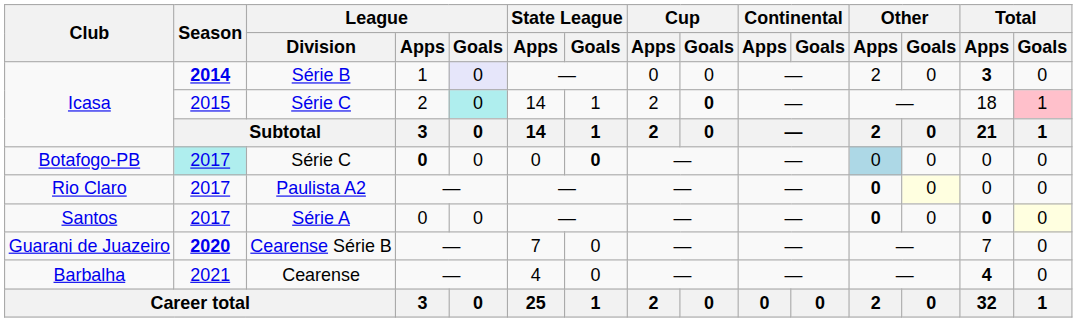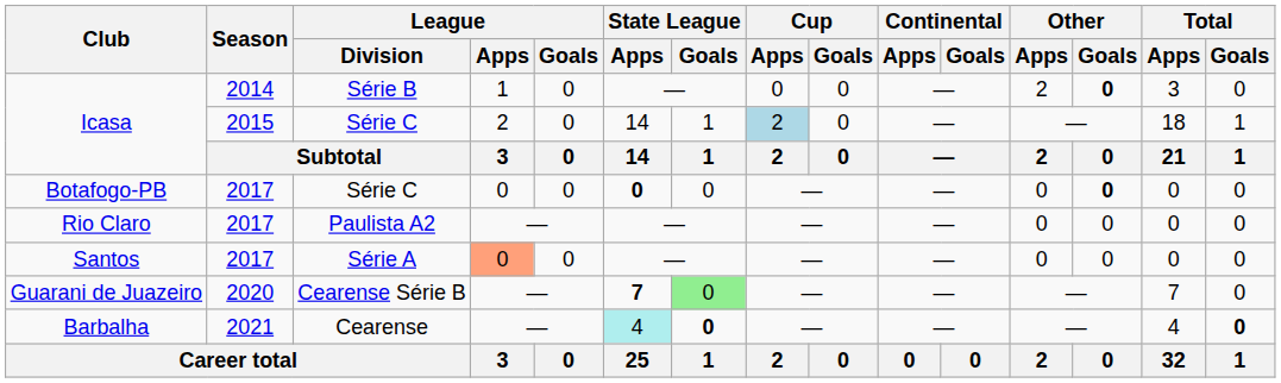 <table class="wikitable" style="text-align: center;">
 <tr>
 <th rowspan="2">Club</th>
 <th rowspan="2">Season</th>
 <th colspan="3">League</th>
 <th colspan="2">State League</th>
 <th colspan="2">Cup</th>
 <th colspan="2">Continental</th>
 <th colspan="2">Other</th>
 <th colspan="2">Total</th>
 </tr>
 <tr>
 <th>Division</th>
 <th>Apps</th>
 <th>Goals</th>
 <th>Apps</th>
 <th>Goals</th>
 <th>Apps</th>
 <th>Goals</th>
 <th>Apps</th>
 <th>Goals</th>
 <th>Apps</th>
 <th>Goals</th>
 <th>Apps</th>
 <th>Goals</th>
 </tr>
 <tr>
 <td rowspan="3" valign="center"><a href='#'>Icasa</a></td>
-<td><strong><a href='#'>2014</a></strong></td>
+<td><a href='#'>2014</a></td>
 <td><a href='#'>Série B</a></td>
 <td>1</td>
-<td style="background: lavender;">0</td>
+<td>0</td>
 <td colspan="2">—</td>
 <td>0</td>
 <td>0</td>
 <td colspan="2">—</td>
 <td>2</td>
-<td>0</td>
-<td><strong>3</strong></td>
+<td><strong>0</strong></td>
+<td>3</td>
 <td>0</td>
 </tr>
 <tr>
 <td><a href='#'>2015</a></td>
 <td><a href='#'>Série C</a></td>
 <td>2</td>
-<td style="background: paleturquoise;">0</td>
+<td>0</td>
 <td>14</td>
 <td>1</td>
-<td>2</td>
-<td><strong>0</strong></td>
+<td style="background: lightblue;">2</td>
+<td>0</td>
 <td colspan="2">—</td>
 <td colspan="2">—</td>
 <td>18</td>
-<td style="background: pink;">1</td>
+<td>1</td>
 </tr>
 <tr>
 <th colspan="2">Subtotal</th>
 <th>3</th>
 <th>0</th>
 <th>14</th>
 <th>1</th>
 <th>2</th>
 <th>0</th>
 <th colspan="2">—</th>
 <th>2</th>
 <th>0</th>
 <th>21</th>
 <th>1</th>
 </tr>
 <tr>
 <td valign="center"><a href='#'>Botafogo-PB</a></td>
-<td style="background: paleturquoise;"><a href='#'>2017</a></td>
+<td><a href='#'>2017</a></td>
 <td>Série C</td>
-<td><strong>0</strong></td>
 <td>0</td>
 <td>0</td>
 <td><strong>0</strong></td>
+<td>0</td>
 <td colspan="2">—</td>
 <td colspan="2">—</td>
-<td style="background: lightblue;">0</td>
 <td>0</td>
+<td><strong>0</strong></td>
 <td>0</td>
 <td>0</td>
 </tr>
 <tr>
 <td valign="center"><a href='#'>Rio Claro</a></td>
 <td><a href='#'>2017</a></td>
 <td><a href='#'>Paulista A2</a></td>
 <td colspan="2">—</td>
 <td colspan="2">—</td>
 <td colspan="2">—</td>
 <td colspan="2">—</td>
-<td><strong>0</strong></td>
-<td style="background: lightyellow;">0</td>
+<td>0</td>
+<td>0</td>
 <td>0</td>
 <td>0</td>
 </tr>
 <tr>
 <td valign="center"><a href='#'>Santos</a></td>
 <td><a href='#'>2017</a></td>
 <td><a href='#'>Série A</a></td>
-<td>0</td>
+<td style="background: lightsalmon;">0</td>
 <td>0</td>
 <td colspan="2">—</td>
 <td colspan="2">—</td>
 <td colspan="2">—</td>
-<td><strong>0</strong></td>
 <td>0</td>
-<td><strong>0</strong></td>
-<td style="background: lightyellow;">0</td>
+<td>0</td>
+<td>0</td>
+<td>0</td>
 </tr>
 <tr>
 <td valign="center"><a href='#'>Guarani de Juazeiro</a></td>
-<td><strong><a href='#'>2020</a></strong></td>
+<td><a href='#'>2020</a></td>
 <td><a href='#'>Cearense</a> Série B</td>
 <td colspan="2">—</td>
-<td>7</td>
-<td>0</td>
+<td><strong>7</strong></td>
+<td style="background: lightgreen;">0</td>
 <td colspan="2">—</td>
 <td colspan="2">—</td>
 <td colspan="2">—</td>
 <td>7</td>
 <td>0</td>
 </tr>
 <tr>
 <td valign="center"><a href='#'>Barbalha</a></td>
 <td><a href='#'>2021</a></td>
 <td>Cearense</td>
 <td colspan="2">—</td>
-<td>4</td>
-<td>0</td>
+<td style="background: paleturquoise;">4</td>
+<td><strong>0</strong></td>
 <td colspan="2">—</td>
 <td colspan="2">—</td>
 <td colspan="2">—</td>
-<td><strong>4</strong></td>
-<td>0</td>
+<td>4</td>
+<td><strong>0</strong></td>
 </tr>
 <tr>
 <th colspan="3">Career total</th>
 <th>3</th>
 <th>0</th>
 <th>25</th>
 <th>1</th>
 <th>2</th>
 <th>0</th>
 <th>0</th>
 <th>0</th>
 <th>2</th>
 <th>0</th>
 <th>32</th>
 <th>1</th>
 </tr>
 </table>
